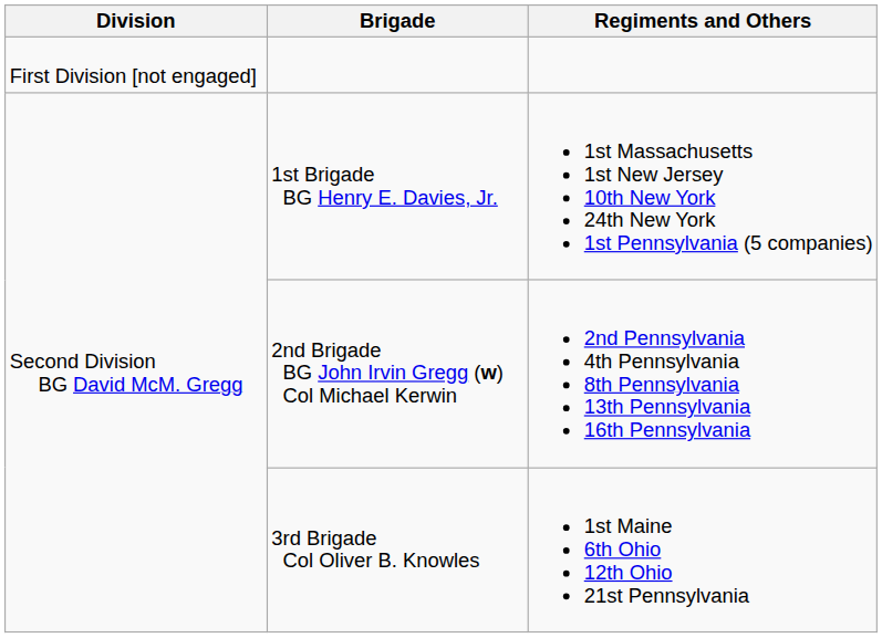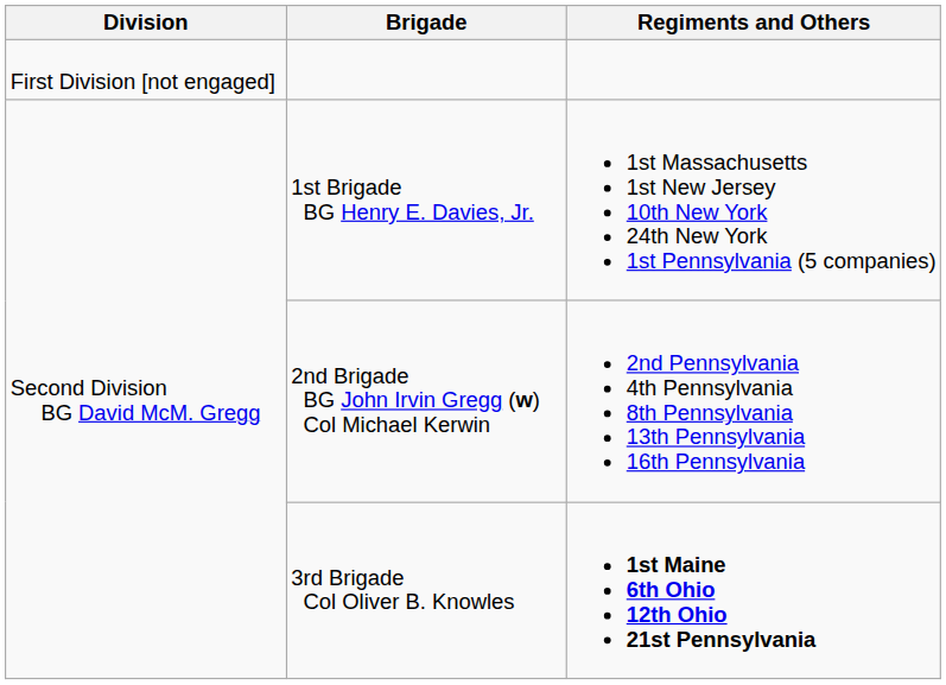 <table class="wikitable">
 <tr>
 <th width=30%>Division</th>
 <th width=30%>Brigade</th>
 <th>Regiments and Others</th>
 </tr>
 <tr>
 <td rowspan=1><br>First Division [not engaged]</td>
 <td></td>
 <td></td>
 </tr>
 <tr>
 <td rowspan=3><br>Second Division <br>     BG <a href='#'>David McM. Gregg</a></td>
 <td>1st Brigade<br>  BG <a href='#'>Henry E. Davies, Jr.</a></td>
 <td><br><ul><li>1st Massachusetts</li><li>1st New Jersey</li><li><a href='#'>10th New York</a></li><li>24th New York</li><li><a href='#'>1st Pennsylvania</a> (5 companies)</li></ul></td>
 </tr>
 <tr>
 <td>2nd Brigade<br>  BG <a href='#'>John Irvin Gregg</a> (<strong>w</strong>)<br>   Col Michael Kerwin</td>
 <td><br><ul><li><a href='#'>2nd Pennsylvania</a></li><li>4th Pennsylvania</li><li><a href='#'>8th Pennsylvania</a></li><li><a href='#'>13th Pennsylvania</a></li><li><a href='#'>16th Pennsylvania</a></li></ul></td>
 </tr>
 <tr>
 <td>3rd Brigade<br>  Col Oliver B. Knowles</td>
-<td><br><ul><li>1st Maine</li><li><a href='#'>6th Ohio</a></li><li><a href='#'>12th Ohio</a></li><li>21st Pennsylvania</li></ul></td>
+<td><strong><br><ul><li>1st Maine</li><li><a href='#'>6th Ohio</a></li><li><a href='#'>12th Ohio</a></li><li>21st Pennsylvania</li></ul></strong></td>
 </tr>
 </table>
